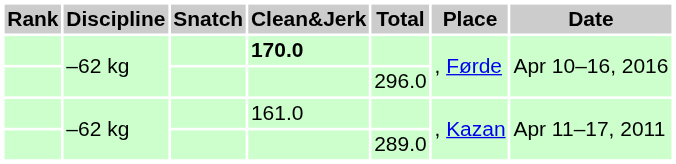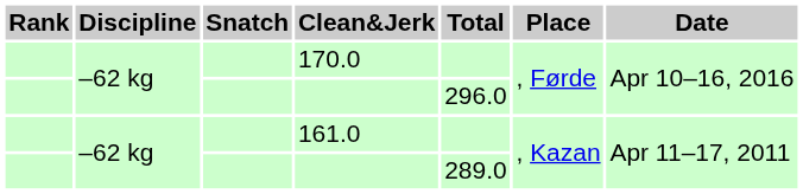 <table border=0 cellpadding=2 cellspacing=2>
 <tr bgcolor=#CCCCCC>
 <th>Rank</th>
 <th>Discipline</th>
 <th>Snatch</th>
 <th>Clean&Jerk</th>
 <th>Total</th>
 <th>Place</th>
 <th>Date</th>
 </tr>
 <tr bgcolor=#CCFFCC>
 <td></td>
 <td rowspan=2>–62 kg</td>
 <td></td>
-<td><strong>170.0</strong></td>
+<td>170.0</td>
 <td></td>
 <td rowspan=2>, <a href='#'>Førde</a></td>
 <td rowspan=2>Apr 10–16, 2016</td>
 </tr>
 <tr bgcolor=#CCFFCC>
 <td></td>
 <td></td>
 <td></td>
 <td>296.0</td>
 </tr>
 <tr bgcolor=#CCFFCC>
 <td></td>
 <td rowspan=2>–62 kg</td>
 <td></td>
 <td>161.0</td>
 <td></td>
 <td rowspan=2>, <a href='#'>Kazan</a></td>
 <td rowspan=2>Apr 11–17, 2011</td>
 </tr>
 <tr bgcolor=#CCFFCC>
 <td></td>
 <td></td>
 <td></td>
 <td>289.0</td>
 </tr>
 </table>
